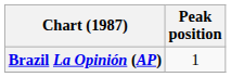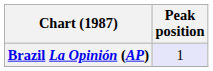 <table class="wikitable unsortable plainrowheaders" style="text-align:center">
 <tr>
 <th scope="col">Chart (1987)</th>
 <th scope="col">Peak<br> position</th>
 </tr>
 <tr>
 <th scope="row"><a href='#'>Brazil</a> <em><a href='#'>La Opinión</a></em> (<em><a href='#'>AP</a></em>)</th>
-<td>1</td>
+<td style="background: lavender;">1</td>
 </tr>
 <tr>
 </tr>
 </table>
